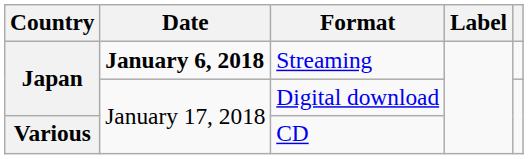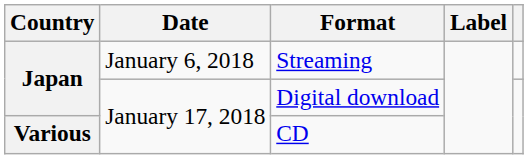 <table class="wikitable sortable plainrowheaders">
 <tr>
 <th scope="col">Country</th>
 <th scope="col">Date</th>
 <th scope="col">Format</th>
 <th scope="col">Label</th>
 <th scope="col" class="unsortable"></th>
 </tr>
 <tr>
 <th scope="row" rowspan="2">Japan</th>
-<td><strong>January 6, 2018</strong></td>
+<td>January 6, 2018</td>
 <td><a href='#'>Streaming</a> </td>
 <td rowspan="3"></td>
 <td></td>
 </tr>
 <tr>
 <td rowspan="2">January 17, 2018</td>
 <td><a href='#'>Digital download</a></td>
 <td rowspan="2"></td>
 </tr>
 <tr>
 <th scope="row">Various</th>
 <td><a href='#'>CD</a></td>
 </tr>
 </table>
